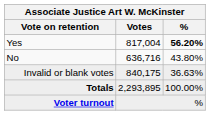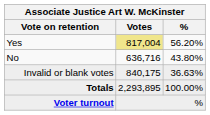 <table class="wikitable" style="font-size: 95%;">
 <tr style="background-color:#E9E9E9">
 <th colspan=7>Associate Justice Art W. McKinster</th>
 </tr>
 <tr style="background-color:#E9E9E9">
 <th style="width: 170px">Vote on retention</th>
 <th style="width: 50px">Votes</th>
 <th style="width: 40px">%</th>
 </tr>
 <tr>
 <td>Yes</td>
-<td align="right">817,004</td>
-<td align="right"><strong>56.20%</strong></td>
+<td align="right" style="background: khaki;">817,004</td>
+<td align="right">56.20%</td>
 </tr>
 <tr>
 <td>No</td>
 <td align="right">636,716</td>
 <td align="right">43.80%</td>
 </tr>
 <tr style="background-color:#EEEEEE">
 <td align="right">Invalid or blank votes</td>
 <td align="right">840,175</td>
 <td align="right">36.63%</td>
 </tr>
 <tr style="background-color:#EEEEEE">
 <td colspan="1" align="right"><strong>Totals</strong></td>
 <td align="right">2,293,895</td>
 <td align="right">100.00%</td>
 </tr>
 <tr style="background-color:#EEEEEE">
 <td align="right"><strong><a href='#'>Voter turnout</a></strong></td>
 <td colspan="2" align="right">%</td>
 </tr>
 </table>
